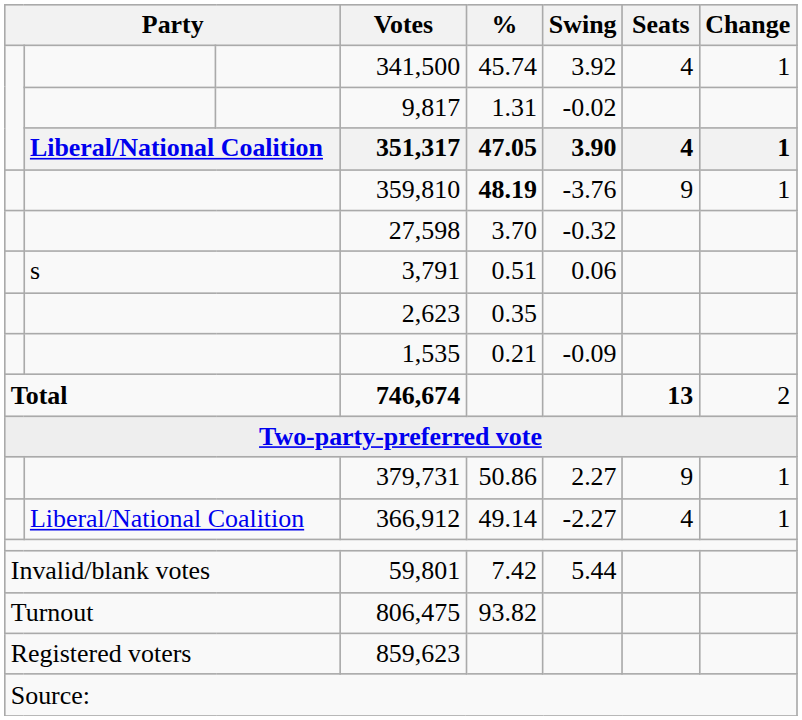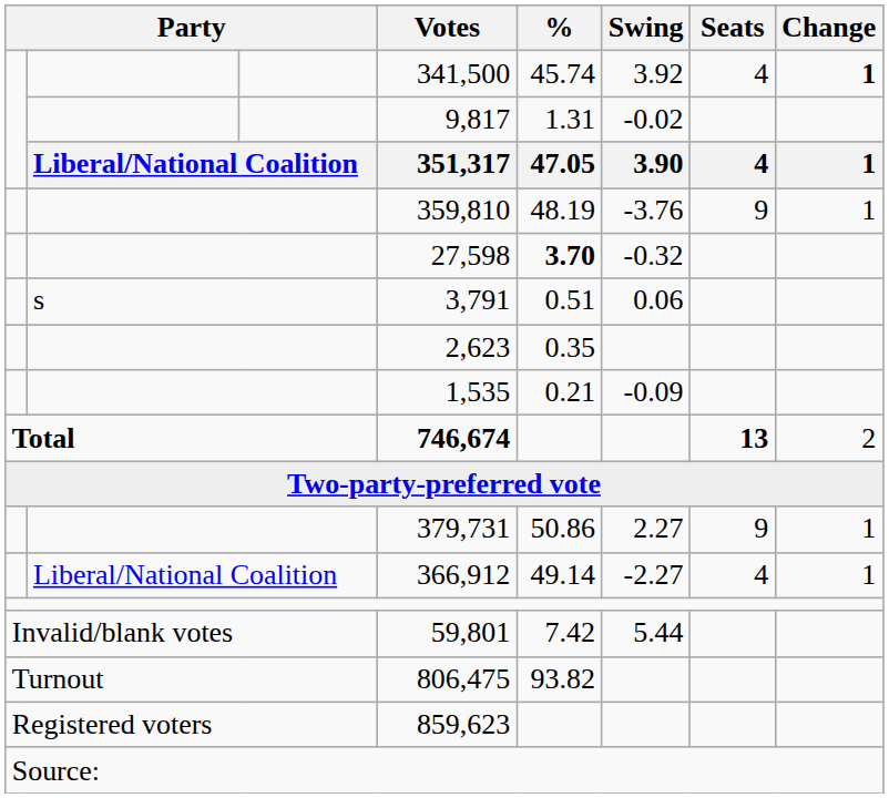 <table class="wikitable">
 <tr>
 <th colspan="3" style="width:200px"><strong>Party</strong></th>
 <th style="width:70px; text-align:center;"><strong>Votes</strong></th>
 <th style="width:40px; text-align:center;"><strong>%</strong></th>
 <th style="width:40px; text-align:center;"><strong>Swing</strong></th>
 <th style="width:40px; text-align:center;"><strong>Seats</strong></th>
 <th style="width:40px; text-align:center;"><strong>Change</strong></th>
 </tr>
 <tr>
 <td rowspan="3"> </td>
 <td> </td>
 <td></td>
 <td align=right>341,500</td>
 <td align=right>45.74</td>
 <td align=right>3.92</td>
 <td align=right>4</td>
-<td align=right> 1</td>
+<td align=right><strong> 1</strong></td>
 </tr>
 <tr>
 <td> </td>
 <td></td>
 <td align=right>9,817</td>
 <td align=right>1.31</td>
 <td align=right>-0.02</td>
 <td align=right></td>
 <td align=right></td>
 </tr>
 <tr>
 <th colspan="2" style="text-align:left;"><a href='#'>Liberal/National Coalition</a></th>
 <th style="text-align:right;">351,317</th>
 <th style="text-align:right;">47.05</th>
 <th style="text-align:right;">3.90</th>
 <th style="text-align:right;">4</th>
 <th style="text-align:right;"> 1</th>
 </tr>
 <tr>
 <td> </td>
 <td colspan=2></td>
 <td align=right>359,810</td>
-<td align=right><strong>48.19</strong></td>
+<td align=right>48.19</td>
 <td align=right>-3.76</td>
 <td align=right>9</td>
 <td align=right> 1</td>
 </tr>
 <tr>
 <td> </td>
 <td colspan=2></td>
 <td align=right>27,598</td>
-<td align=right>3.70</td>
+<td align=right><strong>3.70</strong></td>
 <td align=right>-0.32</td>
 <td align=right></td>
 <td align=right></td>
 </tr>
 <tr>
 <td> </td>
 <td colspan=2>s</td>
 <td align=right>3,791</td>
 <td align=right>0.51</td>
 <td align=right>0.06</td>
 <td align=right></td>
 <td align=right></td>
 </tr>
 <tr>
 <td> </td>
 <td colspan=2></td>
 <td align=right>2,623</td>
 <td align=right>0.35</td>
 <td align=right></td>
 <td align=right></td>
 <td align=right></td>
 </tr>
 <tr>
 <td> </td>
 <td colspan=2></td>
 <td align=right>1,535</td>
 <td align=right>0.21</td>
 <td align=right>-0.09</td>
 <td align=right></td>
 <td align=right></td>
 </tr>
 <tr>
 <td colspan="3" align="left"><strong>Total</strong></td>
 <td align=right><strong>746,674</strong></td>
 <td align=right></td>
 <td align=right></td>
 <td align=right><strong>13</strong></td>
 <td align=right> 2</td>
 </tr>
 <tr>
 <td colspan="8" style="text-align:center; background:#eee;"><strong><a href='#'>Two-party-preferred vote</a></strong></td>
 </tr>
 <tr>
 <td> </td>
 <td colspan=2></td>
 <td align=right>379,731</td>
 <td align=right>50.86</td>
 <td align=right>2.27</td>
 <td align=right>9</td>
 <td align=right> 1</td>
 </tr>
 <tr>
 <td> </td>
 <td colspan=2><a href='#'>Liberal/National Coalition</a></td>
 <td align=right>366,912</td>
 <td align=right>49.14</td>
 <td align=right>-2.27</td>
 <td align=right>4</td>
 <td align=right> 1</td>
 </tr>
 <tr>
 <td colspan="8"></td>
 </tr>
 <tr>
 <td colspan="3" style="text-align:left;">Invalid/blank votes</td>
 <td align=right>59,801</td>
 <td align=right>7.42</td>
 <td align=right>5.44</td>
 <td></td>
 <td></td>
 </tr>
 <tr>
 <td colspan="3" style="text-align:left;">Turnout</td>
 <td align=right>806,475</td>
 <td align=right>93.82</td>
 <td></td>
 <td></td>
 <td></td>
 </tr>
 <tr>
 <td colspan="3" style="text-align:left;">Registered voters</td>
 <td align=right>859,623</td>
 <td></td>
 <td></td>
 <td></td>
 <td></td>
 </tr>
 <tr>
 <td colspan="8" align="left">Source: </td>
 </tr>
 </table>
